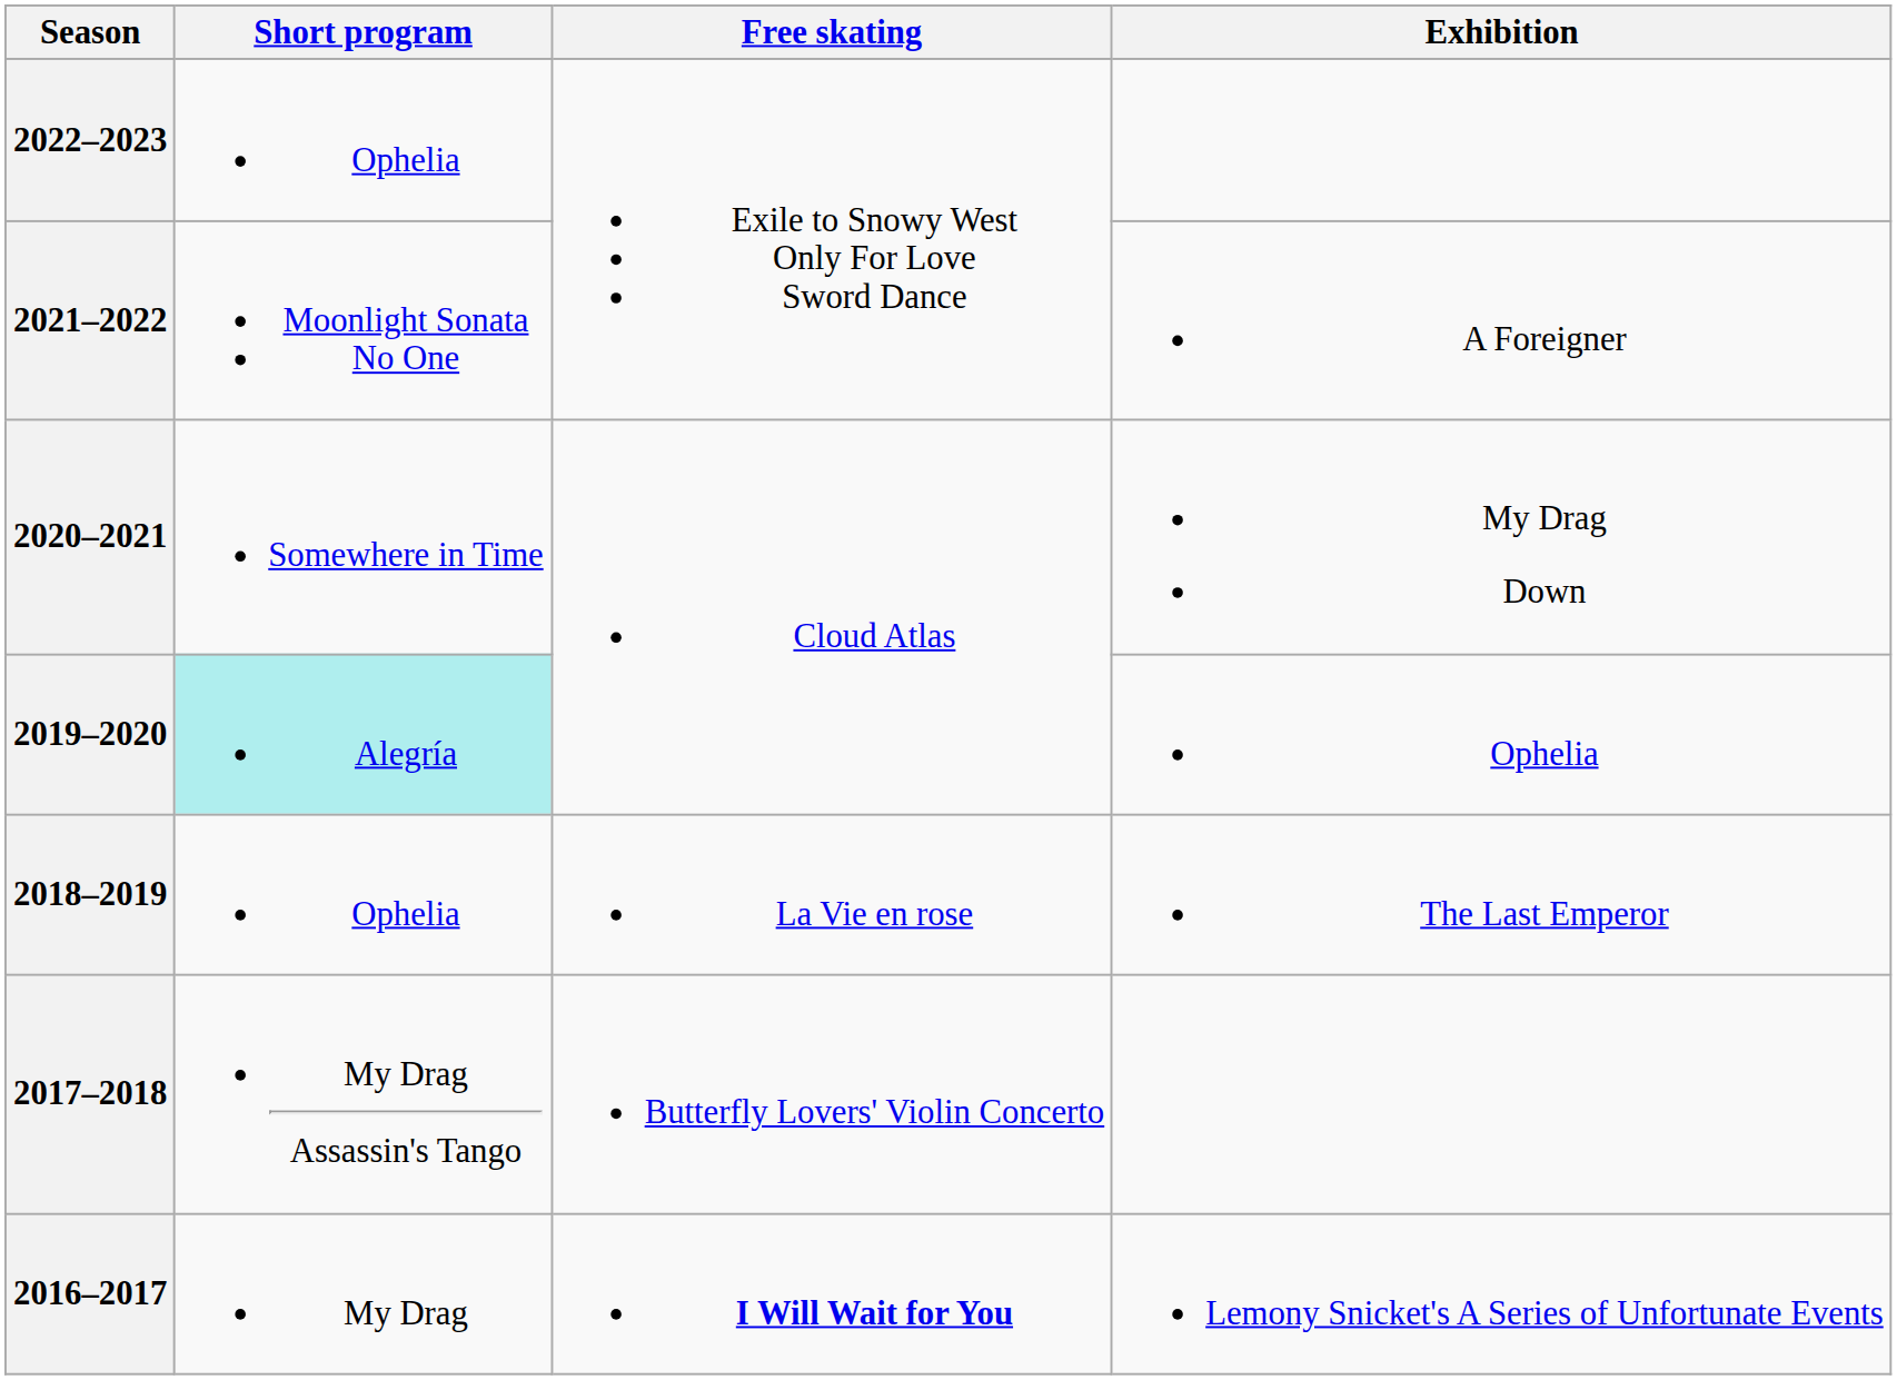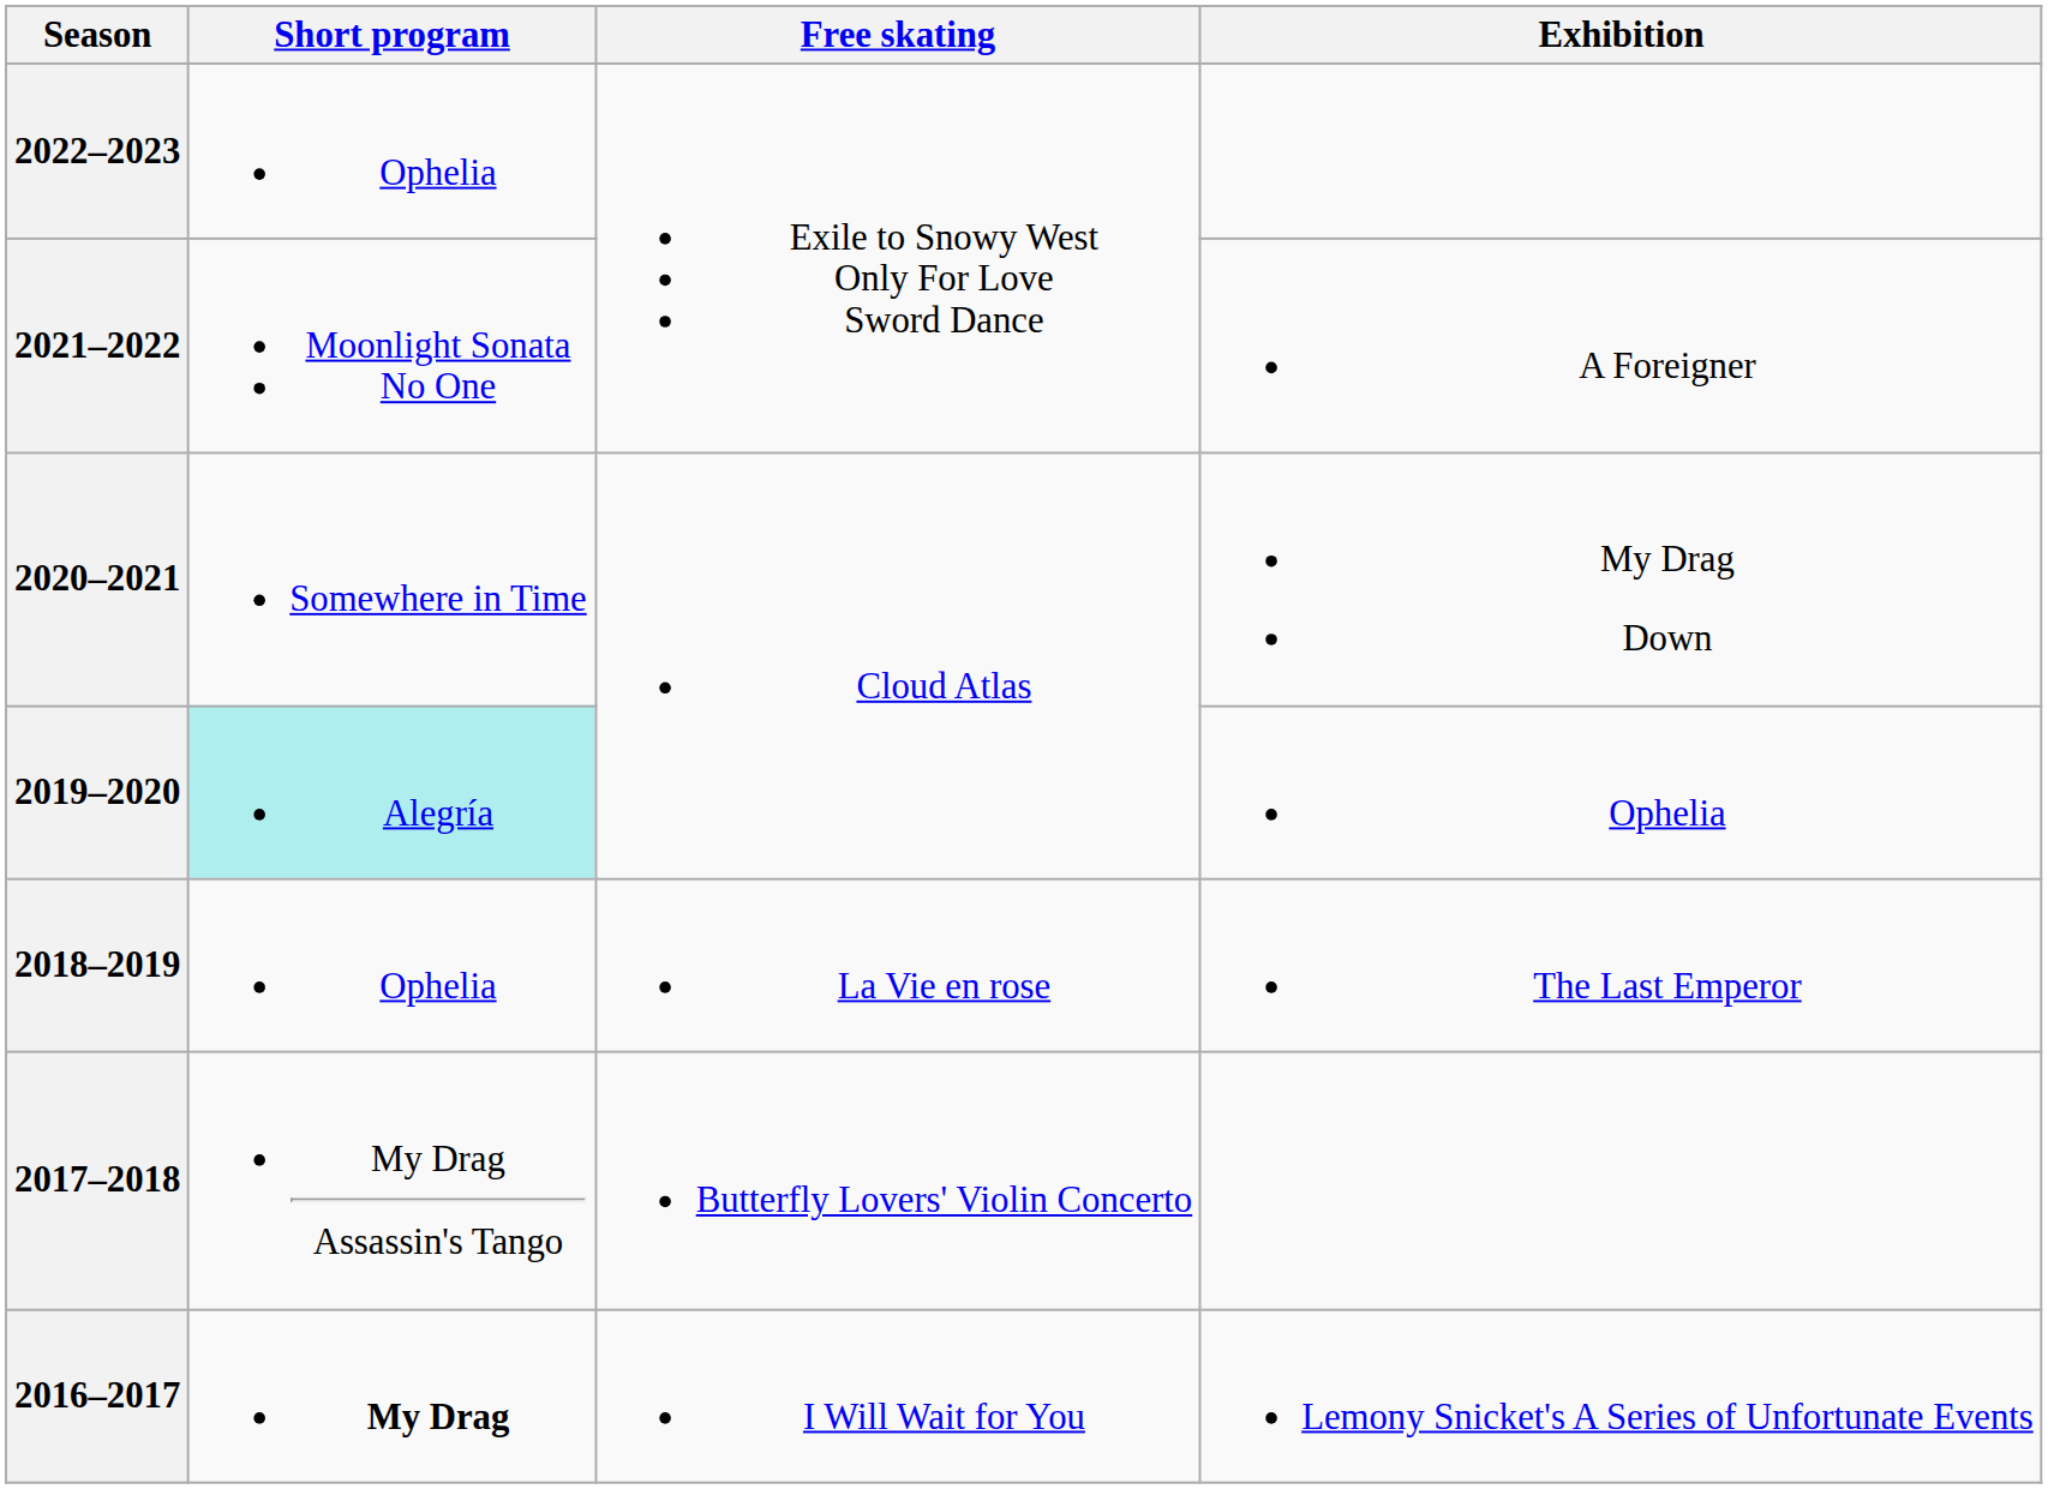 <table class="wikitable" style="text-align:center">
 <tr>
 <th>Season</th>
 <th><a href='#'>Short program</a></th>
 <th><a href='#'>Free skating</a></th>
 <th>Exhibition</th>
 </tr>
 <tr>
 <th>2022–2023 <br> </th>
 <td><br><ul><li><a href='#'>Ophelia</a></li></ul></td>
 <td rowspan=2><br><ul><li>Exile to Snowy West</li><li>Only For Love</li><li>Sword Dance <br></li></ul></td>
 <td></td>
 </tr>
 <tr>
 <th>2021–2022 <br> </th>
 <td><br><ul><li><a href='#'>Moonlight Sonata</a>  <br> </li><li><a href='#'>No One</a> <br> </li></ul></td>
 <td><br><ul><li>A Foreigner </li></ul></td>
 </tr>
 <tr>
 <th>2020–2021 <br> </th>
 <td><br><ul><li><a href='#'>Somewhere in Time</a>  <br> </li></ul></td>
 <td rowspan=2><br><ul><li><a href='#'>Cloud Atlas</a> <br> </li></ul></td>
 <td><br><ul><li>My Drag </li></ul><ul><li>Down </li></ul></td>
 </tr>
 <tr>
 <th>2019–2020 <br> </th>
 <td style="background: paleturquoise;"><br><ul><li><a href='#'>Alegría</a> <br> </li></ul></td>
 <td><br><ul><li><a href='#'>Ophelia</a></li></ul></td>
 </tr>
 <tr>
 <th>2018–2019 <br> </th>
 <td><br><ul><li><a href='#'>Ophelia</a> <br> </li></ul></td>
 <td><br><ul><li><a href='#'>La Vie en rose</a> <br> </li></ul></td>
 <td><br><ul><li><a href='#'>The Last Emperor</a></li></ul></td>
 </tr>
 <tr>
 <th>2017–2018 <br></th>
 <td><br><ul><li>My Drag <br> <hr> Assassin's Tango <br> </li></ul></td>
 <td><br><ul><li><a href='#'>Butterfly Lovers' Violin Concerto</a> <br></li></ul></td>
 <td></td>
 </tr>
 <tr>
 <th>2016–2017 <br></th>
-<td><br><ul><li>My Drag <br></li></ul></td>
-<td><strong><br><ul><li><a href='#'>I Will Wait for You</a> <br></li></ul></strong></td>
+<td><strong><br><ul><li>My Drag <br></li></ul></strong></td>
+<td><br><ul><li><a href='#'>I Will Wait for You</a> <br></li></ul></td>
 <td><br><ul><li><a href='#'>Lemony Snicket's A Series of Unfortunate Events</a> <br></li></ul></td>
 </tr>
 </table>
